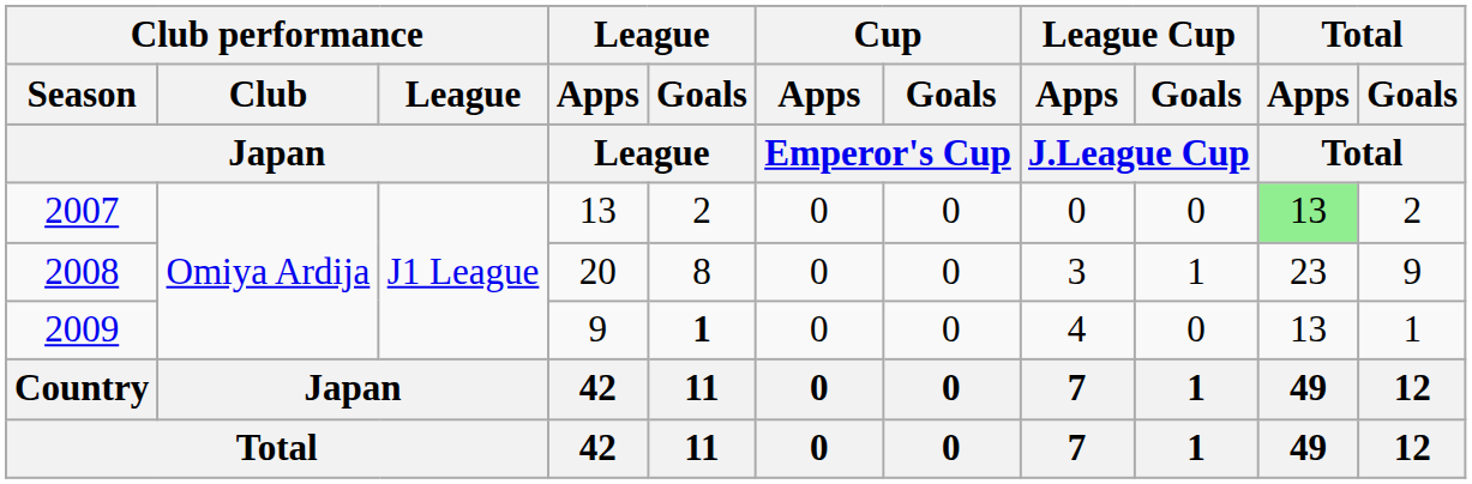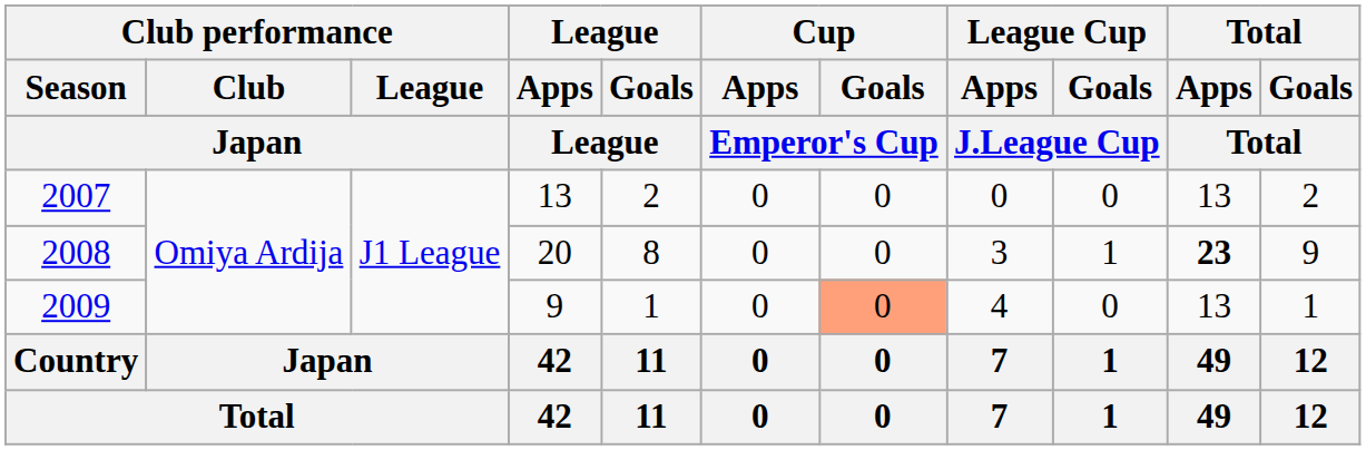 <table class="wikitable" style="text-align:center;">
 <tr>
 <th colspan=3>Club performance</th>
 <th colspan=2>League</th>
 <th colspan=2>Cup</th>
 <th colspan=2>League Cup</th>
 <th colspan=2>Total</th>
 </tr>
 <tr>
 <th>Season</th>
 <th>Club</th>
 <th>League</th>
 <th>Apps</th>
 <th>Goals</th>
 <th>Apps</th>
 <th>Goals</th>
 <th>Apps</th>
 <th>Goals</th>
 <th>Apps</th>
 <th>Goals</th>
 </tr>
 <tr>
 <th colspan=3>Japan</th>
 <th colspan=2>League</th>
 <th colspan=2><a href='#'>Emperor's Cup</a></th>
 <th colspan=2><a href='#'>J.League Cup</a></th>
 <th colspan=2>Total</th>
 </tr>
 <tr>
 <td><a href='#'>2007</a></td>
 <td rowspan="3"><a href='#'>Omiya Ardija</a></td>
 <td rowspan="3"><a href='#'>J1 League</a></td>
 <td>13</td>
 <td>2</td>
 <td>0</td>
 <td>0</td>
 <td>0</td>
 <td>0</td>
-<td style="background: lightgreen;">13</td>
+<td>13</td>
 <td>2</td>
 </tr>
 <tr>
 <td><a href='#'>2008</a></td>
 <td>20</td>
 <td>8</td>
 <td>0</td>
 <td>0</td>
 <td>3</td>
 <td>1</td>
-<td>23</td>
+<td><strong>23</strong></td>
 <td>9</td>
 </tr>
 <tr>
 <td><a href='#'>2009</a></td>
 <td>9</td>
-<td><strong>1</strong></td>
+<td>1</td>
 <td>0</td>
-<td>0</td>
+<td style="background: lightsalmon;">0</td>
 <td>4</td>
 <td>0</td>
 <td>13</td>
 <td>1</td>
 </tr>
 <tr>
 <th rowspan=1>Country</th>
 <th colspan=2>Japan</th>
 <th>42</th>
 <th>11</th>
 <th>0</th>
 <th>0</th>
 <th>7</th>
 <th>1</th>
 <th>49</th>
 <th>12</th>
 </tr>
 <tr>
 <th colspan=3>Total</th>
 <th>42</th>
 <th>11</th>
 <th>0</th>
 <th>0</th>
 <th>7</th>
 <th>1</th>
 <th>49</th>
 <th>12</th>
 </tr>
 </table>
